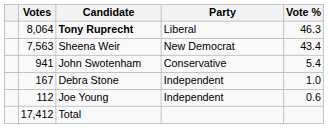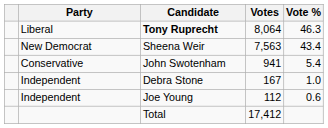 <table class="wikitable">
 <tr>
 <th></th>
+<th scope="col" width="175">Party</th>
+<th scope="col" width="150">Candidate</th>
 <th>Votes</th>
-<th scope="col" width="150">Candidate</th>
-<th scope="col" width="175">Party</th>
 <th>Vote %</th>
 </tr>
 <tr>
 <td>   </td>
+<td>Liberal</td>
+<td><strong>Tony Ruprecht</strong></td>
 <td align=right>8,064</td>
-<td><strong>Tony Ruprecht</strong></td>
-<td>Liberal</td>
 <td align=right>46.3</td>
 </tr>
 <tr>
 <td>   </td>
+<td>New Democrat</td>
+<td>Sheena Weir</td>
 <td align=right>7,563</td>
-<td>Sheena Weir</td>
-<td>New Democrat</td>
 <td align=right>43.4</td>
 </tr>
 <tr |>
 <td>   </td>
+<td>Conservative</td>
+<td>John Swotenham</td>
 <td align=right>941</td>
-<td>John Swotenham</td>
-<td>Conservative</td>
 <td align=right>5.4<br> </td>
 </tr>
 <tr |>
 <td>   </td>
+<td>Independent</td>
+<td>Debra Stone</td>
 <td align=right>167</td>
-<td>Debra Stone</td>
-<td>Independent</td>
 <td align=right>1.0</td>
 </tr>
 <tr |>
 <td>   </td>
+<td>Independent</td>
+<td>Joe Young</td>
 <td align=right>112</td>
-<td>Joe Young</td>
-<td>Independent</td>
 <td align=right>0.6</td>
 </tr>
 <tr |>
 <td></td>
+<td></td>
+<td>Total</td>
 <td align=right>17,412</td>
-<td>Total</td>
-<td></td>
 <td></td>
 </tr>
 </table>
